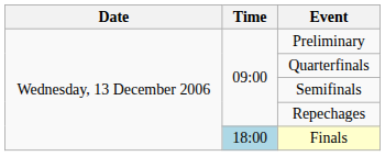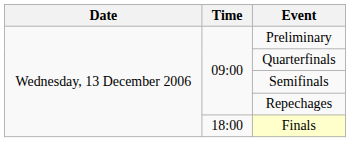 <table class = "wikitable" style="text-align:center;">
 <tr>
 <th width=220>Date</th>
 <th width=50>Time</th>
 <th width=100>Event</th>
 </tr>
 <tr>
 <td rowspan=5>Wednesday, 13 December 2006</td>
 <td rowspan=4>09:00</td>
 <td>Preliminary</td>
 </tr>
 <tr>
 <td>Quarterfinals</td>
 </tr>
 <tr>
 <td>Semifinals</td>
 </tr>
 <tr>
 <td>Repechages</td>
 </tr>
 <tr>
-<td style="background: lightblue;">18:00</td>
+<td>18:00</td>
 <td bgcolor=ffffcc>Finals</td>
 </tr>
 </table>
